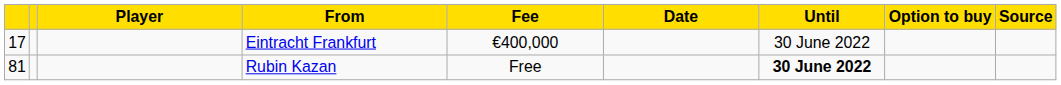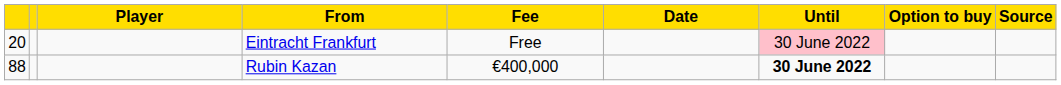 <table class="wikitable sortable">
 <tr>
 <th style="background:#FFDE00"></th>
 <th style="background:#FFDE00"></th>
 <th width=200 style="background:#FFDE00">Player</th>
 <th width=200 style="background:#FFDE00">From</th>
 <th width=150 style="background:#FFDE00">Fee</th>
 <th width=150 style="background:#FFDE00">Date</th>
 <th width=120 style="background:#FFDE00">Until</th>
 <th style="background:#FFDE00">Option to buy</th>
 <th style="background:#FFDE00">Source</th>
 </tr>
 <tr>
-<td align=center>17</td>
+<td align=center>20</td>
 <td align=center></td>
 <td></td>
 <td> <a href='#'>Eintracht Frankfurt</a></td>
-<td align=center>€400,000</td>
+<td align=center>Free</td>
 <td align=center></td>
-<td align=center>30 June 2022</td>
+<td align=center style="background: pink;">30 June 2022</td>
 <td align=center></td>
 <td align=center></td>
 </tr>
 <tr>
-<td align=center>81</td>
+<td align=center>88</td>
 <td align=center></td>
 <td></td>
 <td> <a href='#'>Rubin Kazan</a></td>
-<td align=center>Free</td>
+<td align=center>€400,000</td>
 <td align=center></td>
 <td align=center><strong>30 June 2022</strong></td>
 <td align=center></td>
 <td align=center></td>
 </tr>
 </table>
